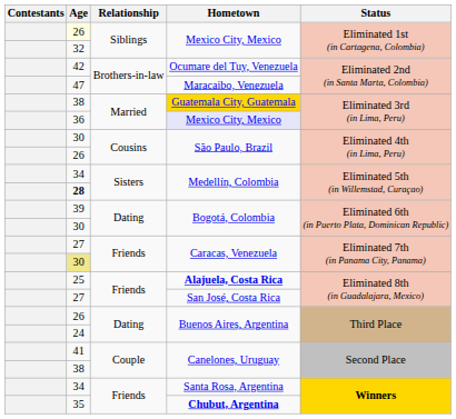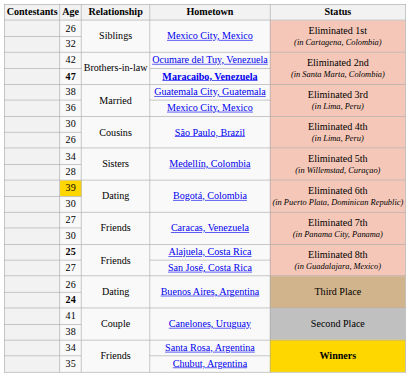 <table class="wikitable sortable" style="text-align:center;">
 <tr>
 <th scope="col">Contestants</th>
 <th scope="col">Age</th>
 <th class="unsortable" scope="col">Relationship</th>
 <th scope="col" class="unsortable">Hometown</th>
 <th scope="col">Status</th>
 </tr>
 <tr>
 <th scope="row"></th>
-<td style="background: lightyellow;">26</td>
+<td>26</td>
 <td rowspan="2">Siblings</td>
 <td rowspan="2"><a href='#'>Mexico City, Mexico</a></td>
 <td rowspan="2" bgcolor="f4c7b8">Eliminated 1st<br><small><em>(in Cartagena, Colombia)</em></small></td>
 </tr>
 <tr>
 <th scope="row"></th>
 <td>32</td>
 </tr>
 <tr>
 <th scope="row"></th>
 <td>42</td>
 <td rowspan="2">Brothers-in-law</td>
 <td><a href='#'>Ocumare del Tuy, Venezuela</a></td>
 <td rowspan="2" bgcolor="f4c7b8">Eliminated 2nd<br><small><em>(in Santa Marta, Colombia)</em></small></td>
 </tr>
 <tr>
 <th scope="row"></th>
-<td>47</td>
-<td><a href='#'>Maracaibo, Venezuela</a></td>
+<td><strong>47</strong></td>
+<td><strong><a href='#'>Maracaibo, Venezuela</a></strong></td>
 </tr>
 <tr>
 <th scope="row"></th>
 <td>38</td>
 <td rowspan="2">Married</td>
-<td style="background: gold;"><a href='#'>Guatemala City, Guatemala</a></td>
+<td><a href='#'>Guatemala City, Guatemala</a></td>
 <td rowspan="2" bgcolor="f4c7b8">Eliminated 3rd<br><small><em>(in Lima, Peru)</em></small></td>
 </tr>
 <tr>
 <th scope="row"></th>
 <td>36</td>
-<td style="background: lavender;"><a href='#'>Mexico City, Mexico</a></td>
+<td><a href='#'>Mexico City, Mexico</a></td>
 </tr>
 <tr>
 <th scope="row"></th>
 <td>30</td>
 <td rowspan="2">Cousins</td>
 <td rowspan="2"><a href='#'>São Paulo, Brazil</a></td>
 <td rowspan="2" bgcolor="f4c7b8">Eliminated 4th<br><small><em>(in Lima, Peru)</em></small></td>
 </tr>
 <tr>
 <th scope="row"></th>
 <td>26</td>
 </tr>
 <tr>
 <th scope="row"></th>
 <td>34</td>
 <td rowspan="2">Sisters</td>
 <td rowspan="2"><a href='#'>Medellín, Colombia</a></td>
 <td rowspan="2" bgcolor="f4c7b8">Eliminated 5th<br><small><em>(in Willemstad, Curaçao)</em></small></td>
 </tr>
 <tr>
 <th scope="row"></th>
-<td><strong>28</strong></td>
+<td>28</td>
 </tr>
 <tr>
 <th scope="row"></th>
-<td>39</td>
+<td style="background: gold;">39</td>
 <td rowspan="2">Dating</td>
 <td rowspan="2"><a href='#'>Bogotá, Colombia</a></td>
 <td rowspan="2" bgcolor="f4c7b8">Eliminated 6th<br><small><em>(in Puerto Plata, Dominican Republic)</em></small></td>
 </tr>
 <tr>
 <th scope="row"></th>
 <td>30</td>
 </tr>
 <tr>
 <th scope="row"></th>
 <td>27</td>
 <td rowspan="2">Friends</td>
 <td rowspan="2"><a href='#'>Caracas, Venezuela</a></td>
 <td rowspan="2" bgcolor="f4c7b8">Eliminated 7th<br><small><em>(in Panama City, Panama)</em></small></td>
 </tr>
 <tr>
 <th scope="row"></th>
-<td style="background: khaki;">30</td>
+<td>30</td>
 </tr>
 <tr>
 <th scope="row"></th>
-<td>25</td>
+<td><strong>25</strong></td>
 <td rowspan="2">Friends</td>
-<td><strong><a href='#'>Alajuela, Costa Rica</a></strong></td>
+<td><a href='#'>Alajuela, Costa Rica</a></td>
 <td rowspan="2" bgcolor="f4c7b8">Eliminated 8th<br><small><em>(in Guadalajara, Mexico)</em></small></td>
 </tr>
 <tr>
 <th scope="row"></th>
 <td>27</td>
 <td><a href='#'>San José, Costa Rica</a></td>
 </tr>
 <tr>
 <th scope="row"></th>
 <td>26</td>
 <td rowspan="2">Dating</td>
 <td rowspan="2"><a href='#'>Buenos Aires, Argentina</a></td>
 <td rowspan="2" bgcolor="tan">Third Place</td>
 </tr>
 <tr>
 <th scope="row"></th>
-<td>24</td>
+<td><strong>24</strong></td>
 </tr>
 <tr>
 <th scope="row"></th>
 <td>41</td>
 <td rowspan="2">Couple</td>
 <td rowspan="2"><a href='#'>Canelones, Uruguay</a></td>
 <td rowspan="2" bgcolor="silver">Second Place</td>
 </tr>
 <tr>
 <th scope="row"></th>
 <td>38</td>
 </tr>
 <tr>
 <th scope="row"></th>
 <td>34</td>
 <td rowspan="2">Friends</td>
 <td><a href='#'>Santa Rosa, Argentina</a></td>
 <td rowspan="2" bgcolor="gold"><strong>Winners</strong></td>
 </tr>
 <tr>
 <th scope="row"></th>
 <td>35</td>
-<td><strong><a href='#'>Chubut, Argentina</a></strong></td>
+<td><a href='#'>Chubut, Argentina</a></td>
 </tr>
 </table>
